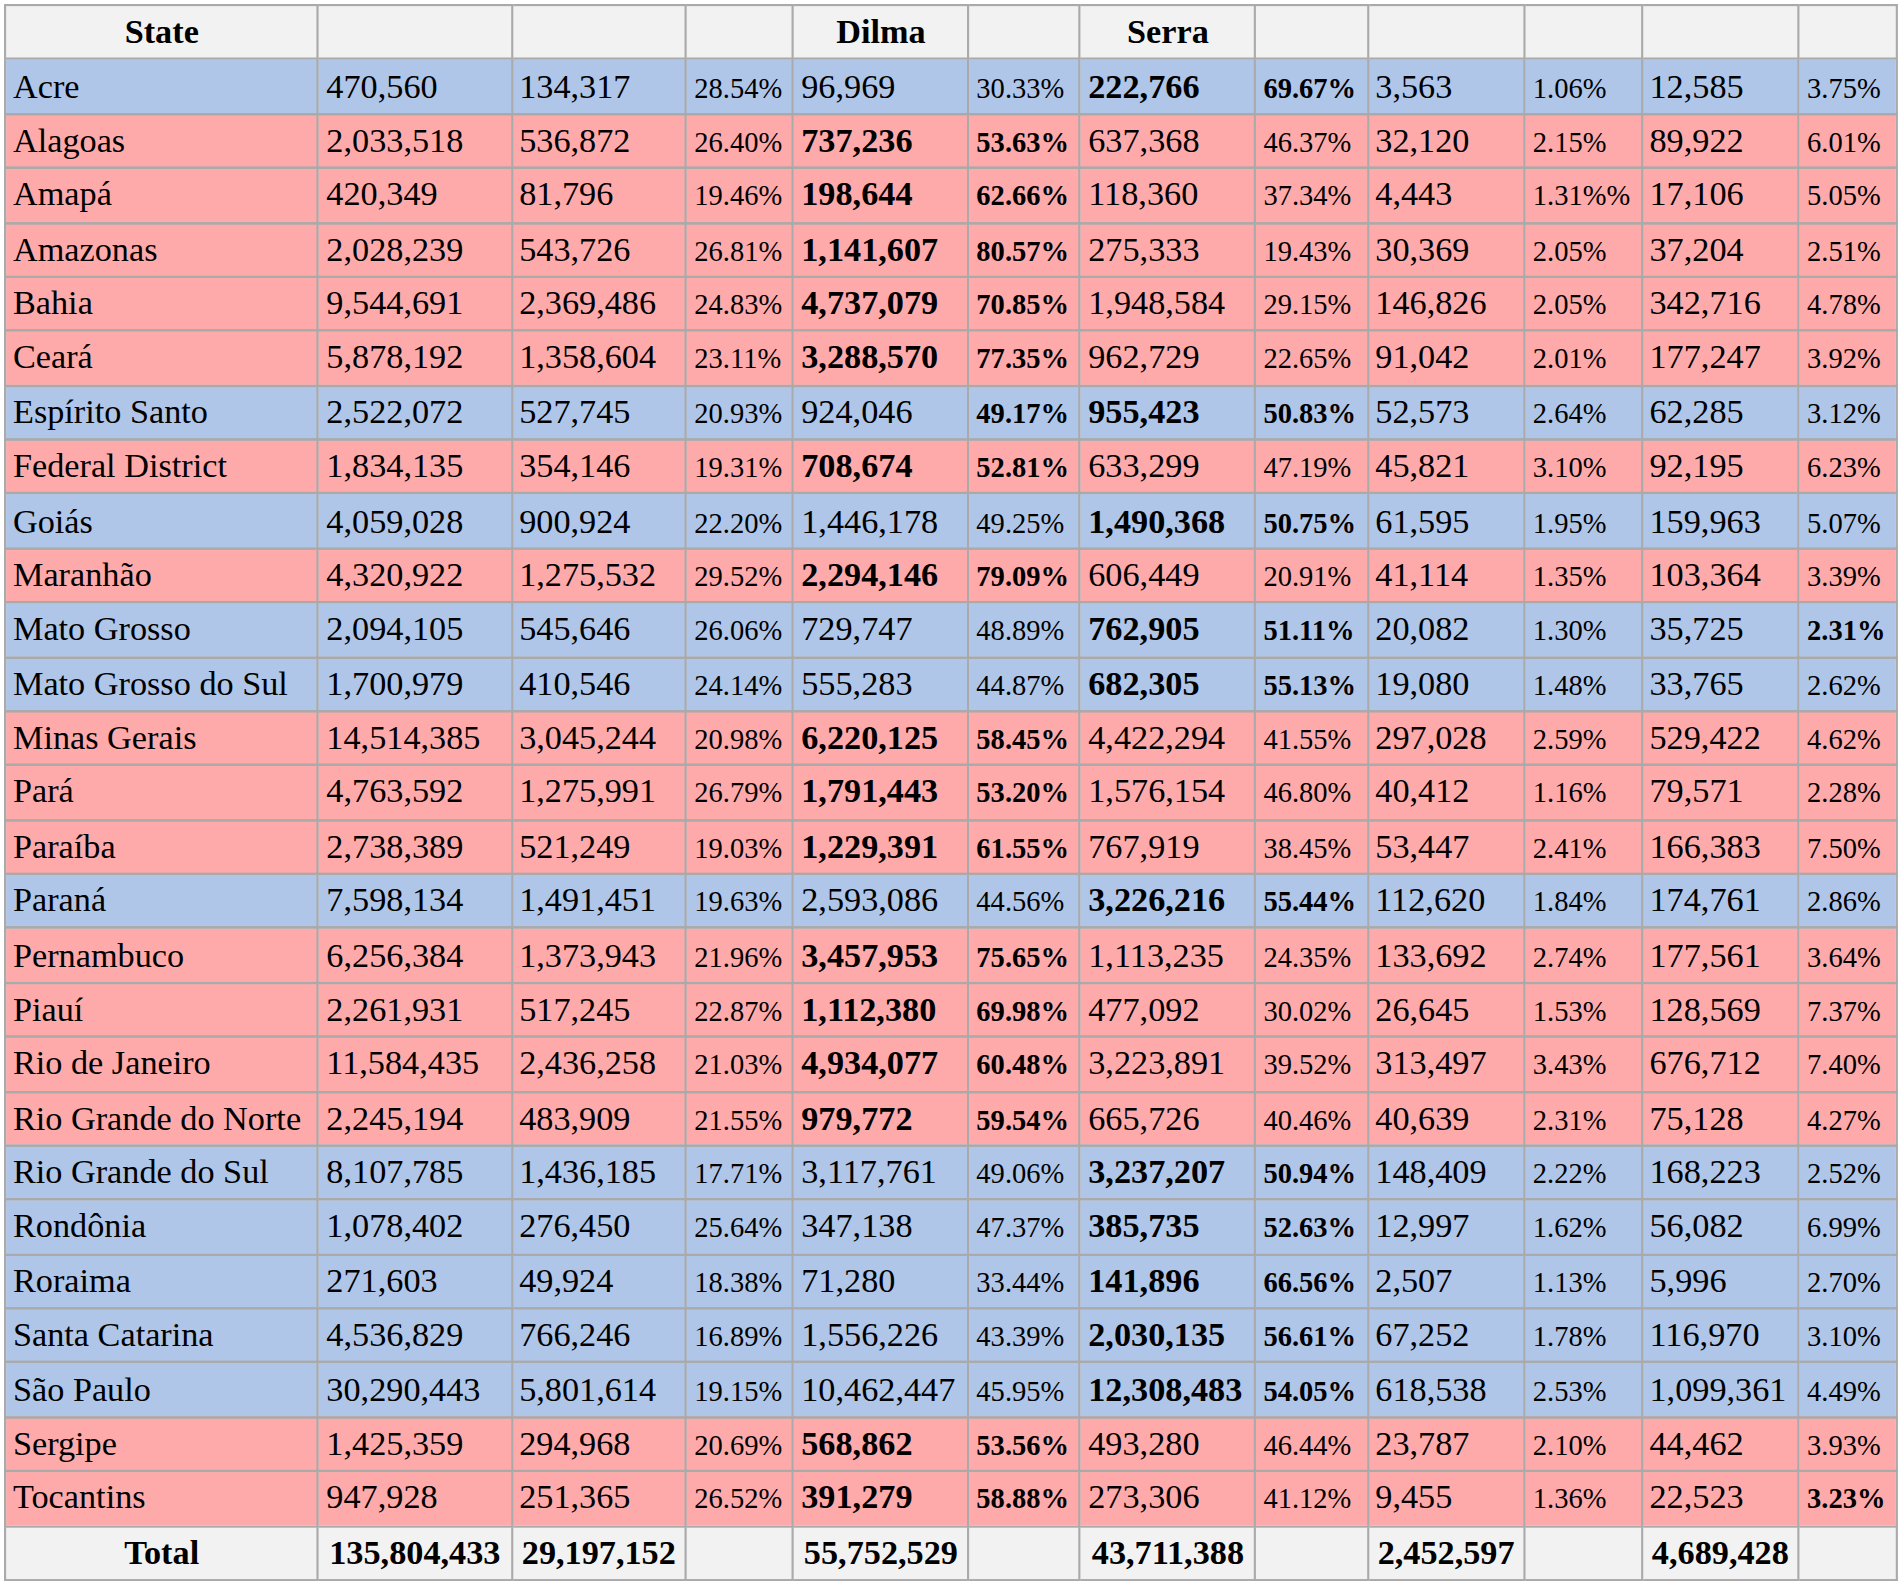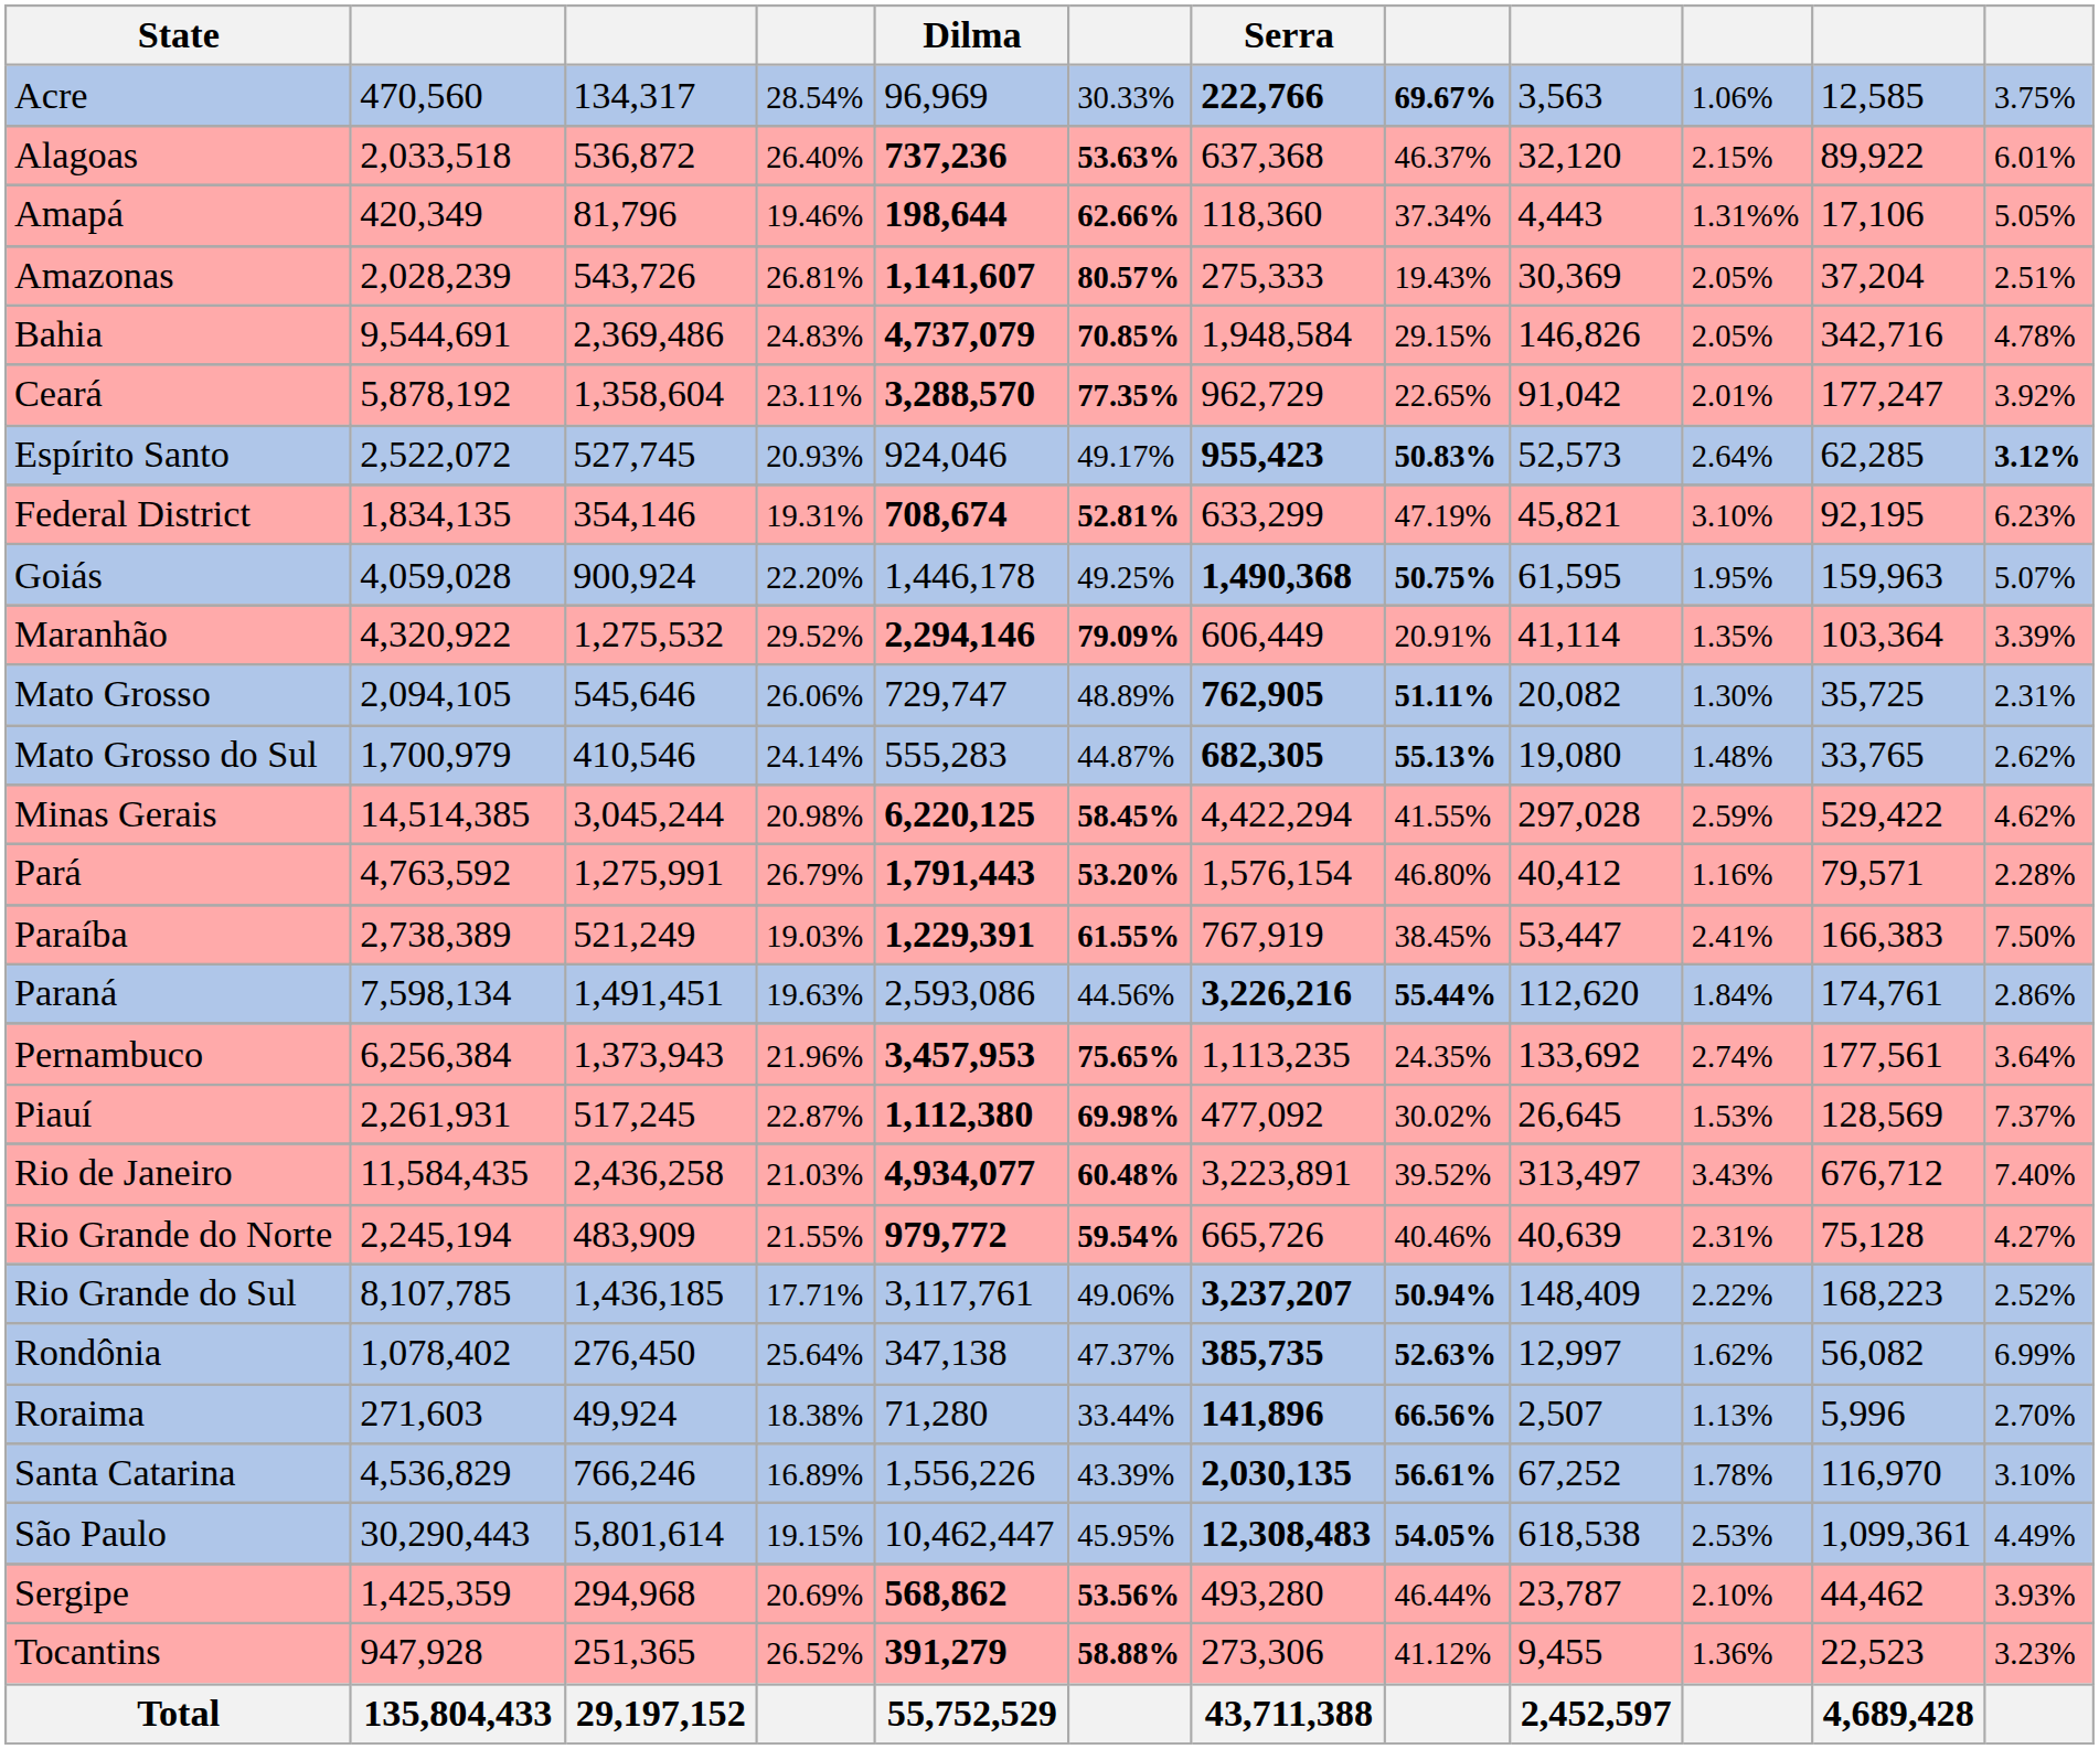 <table width="70%" class="wikitable sortable">
 <tr>
 <th>State</th>
 <th></th>
 <th></th>
 <th></th>
 <th>Dilma</th>
 <th></th>
 <th>Serra</th>
 <th></th>
 <th></th>
 <th></th>
 <th></th>
 <th></th>
 </tr>
 <tr style="background-color: #afc6e9">
 <td align="left">Acre</td>
 <td>470,560</td>
 <td>134,317</td>
 <td><small>28.54%</small></td>
 <td>96,969</td>
 <td><small>30.33%</small></td>
 <td><strong>222,766</strong></td>
 <td><small><strong>69.67%</strong></small></td>
 <td>3,563</td>
 <td><small>1.06%</small></td>
 <td>12,585</td>
 <td><small>3.75%</small></td>
 </tr>
 <tr>
 </tr>
 <tr style="background-color: #ffaaaa">
 <td align="left">Alagoas</td>
 <td>2,033,518</td>
 <td>536,872</td>
 <td><small>26.40%</small></td>
 <td><strong>737,236</strong></td>
 <td><small><strong>53.63%</strong></small></td>
 <td>637,368</td>
 <td><small>46.37%</small></td>
 <td>32,120</td>
 <td><small>2.15%</small></td>
 <td>89,922</td>
 <td><small>6.01%</small></td>
 </tr>
 <tr>
 </tr>
 <tr style="background-color: #ffaaaa">
 <td align="left">Amapá</td>
 <td>420,349</td>
 <td>81,796</td>
 <td><small>19.46%</small></td>
 <td><strong>198,644</strong></td>
 <td><small><strong>62.66%</strong></small></td>
 <td>118,360</td>
 <td><small>37.34%</small></td>
 <td>4,443</td>
 <td><small>1.31%%</small></td>
 <td>17,106</td>
 <td><small>5.05%</small></td>
 </tr>
 <tr>
 </tr>
 <tr style="background-color: #ffaaaa">
 <td align="left">Amazonas</td>
 <td>2,028,239</td>
 <td>543,726</td>
 <td><small>26.81%</small></td>
 <td><strong>1,141,607</strong></td>
 <td><small><strong>80.57%</strong></small></td>
 <td>275,333</td>
 <td><small>19.43%</small></td>
 <td>30,369</td>
 <td><small>2.05%</small></td>
 <td>37,204</td>
 <td><small>2.51%</small></td>
 </tr>
 <tr>
 </tr>
 <tr style="background-color: #ffaaaa">
 <td align="left">Bahia</td>
 <td>9,544,691</td>
 <td>2,369,486</td>
 <td><small>24.83%</small></td>
 <td><strong>4,737,079</strong></td>
 <td><small><strong>70.85%</strong></small></td>
 <td>1,948,584</td>
 <td><small>29.15%</small></td>
 <td>146,826</td>
 <td><small>2.05%</small></td>
 <td>342,716</td>
 <td><small>4.78%</small></td>
 </tr>
 <tr>
 </tr>
 <tr style="background-color: #ffaaaa">
 <td align="left">Ceará</td>
 <td>5,878,192</td>
 <td>1,358,604</td>
 <td><small>23.11%</small></td>
 <td><strong>3,288,570</strong></td>
 <td><small><strong>77.35%</strong></small></td>
 <td>962,729</td>
 <td><small>22.65%</small></td>
 <td>91,042</td>
 <td><small>2.01%</small></td>
 <td>177,247</td>
 <td><small>3.92%</small></td>
 </tr>
 <tr>
 </tr>
 <tr style="background-color: #afc6e9">
 <td align="left">Espírito Santo</td>
 <td>2,522,072</td>
 <td>527,745</td>
 <td><small>20.93%</small></td>
 <td>924,046</td>
-<td><strong><small>49.17%</small></strong></td>
+<td><small>49.17%</small></td>
 <td><strong>955,423</strong></td>
 <td><small><strong>50.83%</strong></small></td>
 <td>52,573</td>
 <td><small>2.64%</small></td>
 <td>62,285</td>
-<td><small>3.12%</small></td>
+<td><strong><small>3.12%</small></strong></td>
 </tr>
 <tr>
 </tr>
 <tr>
 </tr>
 <tr style="background-color: #ffaaaa">
 <td align="left">Federal District</td>
 <td>1,834,135</td>
 <td>354,146</td>
 <td><small>19.31%</small></td>
 <td><strong>708,674</strong></td>
 <td><small><strong>52.81%</strong></small></td>
 <td>633,299</td>
 <td><small>47.19%</small></td>
 <td>45,821</td>
 <td><small>3.10%</small></td>
 <td>92,195</td>
 <td><small>6.23%</small></td>
 </tr>
 <tr>
 </tr>
 <tr style="background-color: #afc6e9">
 <td align="left">Goiás</td>
 <td>4,059,028</td>
 <td>900,924</td>
 <td><small>22.20%</small></td>
 <td>1,446,178</td>
 <td><small>49.25%</small></td>
 <td><strong>1,490,368</strong></td>
 <td><small><strong>50.75%</strong></small></td>
 <td>61,595</td>
 <td><small>1.95%</small></td>
 <td>159,963</td>
 <td><small>5.07%</small></td>
 </tr>
 <tr>
 </tr>
 <tr style="background-color: #ffaaaa">
 <td align="left">Maranhão</td>
 <td>4,320,922</td>
 <td>1,275,532</td>
 <td><small>29.52%</small></td>
 <td><strong>2,294,146</strong></td>
 <td><small><strong>79.09%</strong></small></td>
 <td>606,449</td>
 <td><small>20.91%</small></td>
 <td>41,114</td>
 <td><small>1.35%</small></td>
 <td>103,364</td>
 <td><small>3.39%</small></td>
 </tr>
 <tr>
 </tr>
 <tr style="background-color: #afc6e9">
 <td align="left">Mato Grosso</td>
 <td>2,094,105</td>
 <td>545,646</td>
 <td><small>26.06%</small></td>
 <td>729,747</td>
 <td><small>48.89%</small></td>
 <td><strong>762,905</strong></td>
 <td><small><strong>51.11%</strong></small></td>
 <td>20,082</td>
 <td><small>1.30%</small></td>
 <td>35,725</td>
-<td><strong><small>2.31%</small></strong></td>
+<td><small>2.31%</small></td>
 </tr>
 <tr>
 </tr>
 <tr style="background-color: #afc6e9">
 <td align="left">Mato Grosso do Sul</td>
 <td>1,700,979</td>
 <td>410,546</td>
 <td><small>24.14%</small></td>
 <td>555,283</td>
 <td><small>44.87%</small></td>
 <td><strong>682,305</strong></td>
 <td><small><strong>55.13%</strong></small></td>
 <td>19,080</td>
 <td><small>1.48%</small></td>
 <td>33,765</td>
 <td><small>2.62%</small></td>
 </tr>
 <tr>
 </tr>
 <tr style="background-color: #ffaaaa">
 <td align="left">Minas Gerais</td>
 <td>14,514,385</td>
 <td>3,045,244</td>
 <td><small>20.98%</small></td>
 <td><strong>6,220,125</strong></td>
 <td><small><strong>58.45%</strong></small></td>
 <td>4,422,294</td>
 <td><small>41.55%</small></td>
 <td>297,028</td>
 <td><small>2.59%</small></td>
 <td>529,422</td>
 <td><small>4.62%</small></td>
 </tr>
 <tr>
 </tr>
 <tr style="background-color: #ffaaaa">
 <td align="left">Pará</td>
 <td>4,763,592</td>
 <td>1,275,991</td>
 <td><small>26.79%</small></td>
 <td><strong>1,791,443</strong></td>
 <td><small><strong>53.20%</strong></small></td>
 <td>1,576,154</td>
 <td><small>46.80%</small></td>
 <td>40,412</td>
 <td><small>1.16%</small></td>
 <td>79,571</td>
 <td><small>2.28%</small></td>
 </tr>
 <tr>
 </tr>
 <tr style="background-color: #ffaaaa">
 <td align="left">Paraíba</td>
 <td>2,738,389</td>
 <td>521,249</td>
 <td><small>19.03%</small></td>
 <td><strong>1,229,391</strong></td>
 <td><small><strong>61.55%</strong></small></td>
 <td>767,919</td>
 <td><small>38.45%</small></td>
 <td>53,447</td>
 <td><small>2.41%</small></td>
 <td>166,383</td>
 <td><small>7.50%</small></td>
 </tr>
 <tr>
 </tr>
 <tr style="background-color: #afc6e9">
 <td align="left">Paraná</td>
 <td>7,598,134</td>
 <td>1,491,451</td>
 <td><small>19.63%</small></td>
 <td>2,593,086</td>
 <td><small>44.56%</small></td>
 <td><strong>3,226,216</strong></td>
 <td><small><strong>55.44%</strong></small></td>
 <td>112,620</td>
 <td><small>1.84%</small></td>
 <td>174,761</td>
 <td><small>2.86%</small></td>
 </tr>
 <tr>
 </tr>
 <tr style="background-color: #ffaaaa">
 <td align="left">Pernambuco</td>
 <td>6,256,384</td>
 <td>1,373,943</td>
 <td><small>21.96%</small></td>
 <td><strong>3,457,953</strong></td>
 <td><small><strong>75.65%</strong></small></td>
 <td>1,113,235</td>
 <td><small>24.35%</small></td>
 <td>133,692</td>
 <td><small>2.74%</small></td>
 <td>177,561</td>
 <td><small>3.64%</small></td>
 </tr>
 <tr>
 </tr>
 <tr style="background-color: #ffaaaa">
 <td align="left">Piauí</td>
 <td>2,261,931</td>
 <td>517,245</td>
 <td><small>22.87%</small></td>
 <td><strong>1,112,380</strong></td>
 <td><small><strong>69.98%</strong></small></td>
 <td>477,092</td>
 <td><small>30.02%</small></td>
 <td>26,645</td>
 <td><small>1.53%</small></td>
 <td>128,569</td>
 <td><small>7.37%</small></td>
 </tr>
 <tr>
 </tr>
 <tr style="background-color: #ffaaaa">
 <td align="left">Rio de Janeiro</td>
 <td>11,584,435</td>
 <td>2,436,258</td>
 <td><small>21.03%</small></td>
 <td><strong>4,934,077</strong></td>
 <td><small><strong>60.48%</strong></small></td>
 <td>3,223,891</td>
 <td><small>39.52%</small></td>
 <td>313,497</td>
 <td><small>3.43%</small></td>
 <td>676,712</td>
 <td><small>7.40%</small></td>
 </tr>
 <tr>
 </tr>
 <tr style="background-color: #ffaaaa">
 <td align="left">Rio Grande do Norte</td>
 <td>2,245,194</td>
 <td>483,909</td>
 <td><small>21.55%</small></td>
 <td><strong>979,772</strong></td>
 <td><small><strong>59.54%</strong></small></td>
 <td>665,726</td>
 <td><small>40.46%</small></td>
 <td>40,639</td>
 <td><small>2.31%</small></td>
 <td>75,128</td>
 <td><small>4.27%</small></td>
 </tr>
 <tr>
 </tr>
 <tr style="background-color: #afc6e9">
 <td align="left">Rio Grande do Sul</td>
 <td>8,107,785</td>
 <td>1,436,185</td>
 <td><small>17.71%</small></td>
 <td>3,117,761</td>
 <td><small>49.06%</small></td>
 <td><strong>3,237,207</strong></td>
 <td><small><strong>50.94%</strong></small></td>
 <td>148,409</td>
 <td><small>2.22%</small></td>
 <td>168,223</td>
 <td><small>2.52%</small></td>
 </tr>
 <tr>
 </tr>
 <tr style="background-color: #afc6e9">
 <td align="left">Rondônia</td>
 <td>1,078,402</td>
 <td>276,450</td>
 <td><small>25.64%</small></td>
 <td>347,138</td>
 <td><small>47.37%</small></td>
 <td><strong>385,735</strong></td>
 <td><small><strong>52.63%</strong></small></td>
 <td>12,997</td>
 <td><small>1.62%</small></td>
 <td>56,082</td>
 <td><small>6.99%</small></td>
 </tr>
 <tr>
 </tr>
 <tr style="background-color: #afc6e9">
 <td align="left">Roraima</td>
 <td>271,603</td>
 <td>49,924</td>
 <td><small>18.38%</small></td>
 <td>71,280</td>
 <td><small>33.44%</small></td>
 <td><strong>141,896</strong></td>
 <td><small><strong>66.56%</strong></small></td>
 <td>2,507</td>
 <td><small>1.13%</small></td>
 <td>5,996</td>
 <td><small>2.70%</small></td>
 </tr>
 <tr>
 </tr>
 <tr style="background-color: #afc6e9">
 <td align="left">Santa Catarina</td>
 <td>4,536,829</td>
 <td>766,246</td>
 <td><small>16.89%</small></td>
 <td>1,556,226</td>
 <td><small>43.39%</small></td>
 <td><strong>2,030,135</strong></td>
 <td><small><strong>56.61%</strong></small></td>
 <td>67,252</td>
 <td><small>1.78%</small></td>
 <td>116,970</td>
 <td><small>3.10%</small></td>
 </tr>
 <tr>
 </tr>
 <tr style="background-color: #afc6e9">
 <td align="left">São Paulo</td>
 <td>30,290,443</td>
 <td>5,801,614</td>
 <td><small>19.15%</small></td>
 <td>10,462,447</td>
 <td><small>45.95%</small></td>
 <td><strong>12,308,483</strong></td>
 <td><small><strong>54.05%</strong></small></td>
 <td>618,538</td>
 <td><small>2.53%</small></td>
 <td>1,099,361</td>
 <td><small>4.49%</small></td>
 </tr>
 <tr>
 </tr>
 <tr style="background-color: #ffaaaa">
 <td align="left">Sergipe</td>
 <td>1,425,359</td>
 <td>294,968</td>
 <td><small>20.69%</small></td>
 <td><strong>568,862</strong></td>
 <td><small><strong>53.56%</strong></small></td>
 <td>493,280</td>
 <td><small>46.44%</small></td>
 <td>23,787</td>
 <td><small>2.10%</small></td>
 <td>44,462</td>
 <td><small>3.93%</small></td>
 </tr>
 <tr>
 </tr>
 <tr style="background-color: #ffaaaa">
 <td align="left">Tocantins</td>
 <td>947,928</td>
 <td>251,365</td>
 <td><small>26.52%</small></td>
 <td><strong>391,279</strong></td>
 <td><small><strong>58.88%</strong></small></td>
 <td>273,306</td>
 <td><small>41.12%</small></td>
 <td>9,455</td>
 <td><small>1.36%</small></td>
 <td>22,523</td>
-<td><strong><small>3.23%</small></strong></td>
+<td><small>3.23%</small></td>
 </tr>
 <tr>
 <th align="left">Total</th>
 <th><strong>135,804,433</strong></th>
 <th><strong>29,197,152</strong></th>
 <th></th>
 <th><strong>55,752,529</strong></th>
 <th></th>
 <th><strong>43,711,388</strong></th>
 <th></th>
 <th><strong>2,452,597</strong></th>
 <th></th>
 <th><strong>4,689,428</strong></th>
 <th></th>
 </tr>
 </table>
